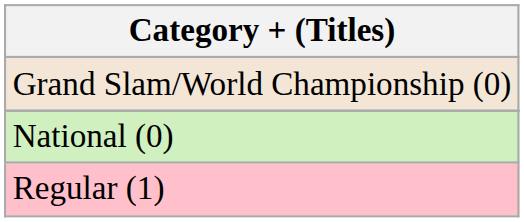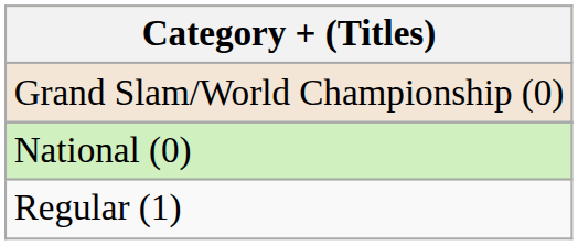 <table class="wikitable" style="display:inline-table;">
 <tr style="background:#ffc;">
 <th>Category + (Titles)</th>
 </tr>
 <tr style="background:#f3e6d7">
 <td>Grand Slam/World Championship (0)</td>
 </tr>
 <tr>
 </tr>
 <tr style="background:#d0f0c0">
 <td>National (0)</td>
 </tr>
 <tr>
-<td style="background: pink;">Regular (1)</td>
+<td>Regular (1)</td>
 </tr>
 </table>
